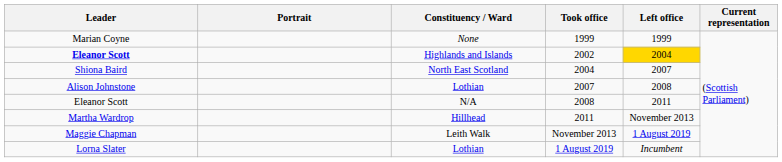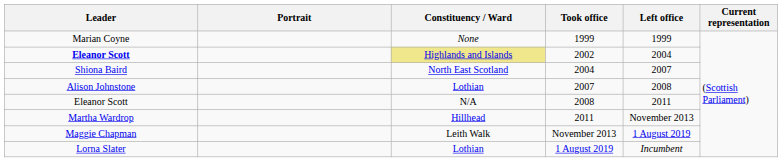 <table class="wikitable" style="text-align:center">
 <tr>
 <th style="width:25%;">Leader<br></th>
 <th width=60>Portrait</th>
 <th style="width:20%;">Constituency / Ward</th>
 <th style="width:10%;">Took office</th>
 <th style="width:10%;">Left office</th>
 <th style="width:10%;">Current representation</th>
 </tr>
 <tr>
 <td>Marian Coyne</td>
 <td></td>
 <td><em>None</em></td>
 <td>1999</td>
 <td>1999</td>
 <td rowspan=8 align=left> (<a href='#'>Scottish Parliament</a>)</td>
 </tr>
 <tr>
 <td><strong><a href='#'>Eleanor Scott</a><br></strong></td>
 <td></td>
-<td><a href='#'>Highlands and Islands</a> </td>
+<td style="background: khaki;"><a href='#'>Highlands and Islands</a> </td>
 <td>2002</td>
-<td style="background: gold;">2004</td>
+<td>2004</td>
 </tr>
 <tr>
 <td><a href='#'>Shiona Baird</a><br></td>
 <td></td>
 <td><a href='#'>North East Scotland</a> </td>
 <td>2004</td>
 <td>2007</td>
 </tr>
 <tr>
 <td><a href='#'>Alison Johnstone</a><br></td>
 <td></td>
 <td><a href='#'>Lothian</a> </td>
 <td>2007</td>
 <td>2008</td>
 </tr>
 <tr>
 <td>Eleanor Scott<br></td>
 <td></td>
 <td>N/A</td>
 <td>2008</td>
 <td>2011</td>
 </tr>
 <tr>
 <td><a href='#'>Martha Wardrop</a><br></td>
 <td></td>
 <td><a href='#'>Hillhead</a> </td>
 <td>2011</td>
 <td>November 2013</td>
 </tr>
 <tr>
 <td><a href='#'>Maggie Chapman</a><br></td>
 <td></td>
 <td>Leith Walk </td>
 <td>November 2013</td>
 <td><a href='#'>1 August 2019</a></td>
 </tr>
 <tr>
 <td><a href='#'>Lorna Slater</a><br></td>
 <td></td>
 <td><a href='#'>Lothian</a> </td>
 <td><a href='#'>1 August 2019</a></td>
 <td><em>Incumbent</em></td>
 </tr>
 </table>
